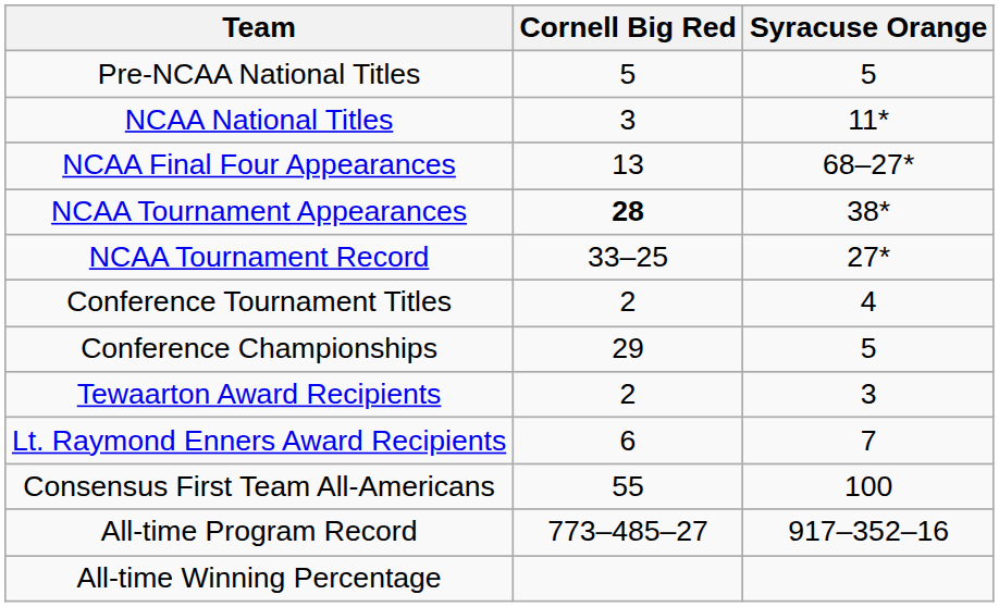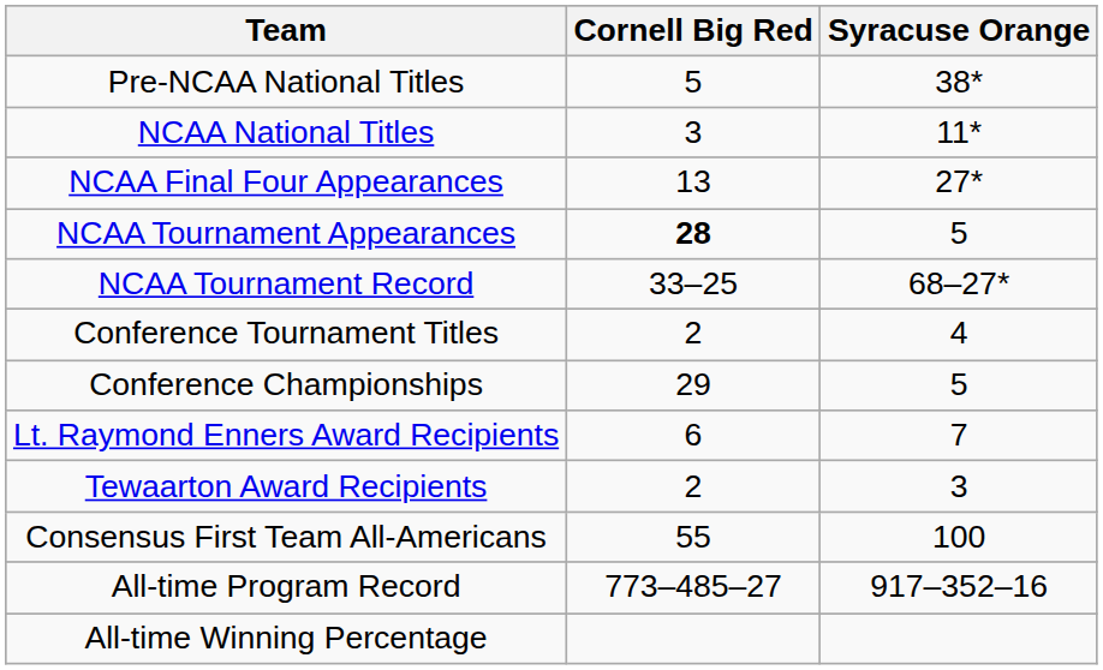 <table class="wikitable" style="text-align:center;">
 <tr>
 <th>Team</th>
 <th>Cornell Big Red</th>
 <th>Syracuse Orange</th>
 </tr>
 <tr>
 <td>Pre-NCAA National Titles</td>
 <td style=>5</td>
-<td>5</td>
+<td>38*</td>
 </tr>
 <tr>
 <td><a href='#'>NCAA National Titles</a></td>
 <td style=>3</td>
 <td>11*</td>
 </tr>
 <tr>
 <td><a href='#'>NCAA Final Four Appearances</a></td>
 <td>13</td>
-<td>68–27*</td>
+<td>27*</td>
 </tr>
 <tr>
 <td><a href='#'>NCAA Tournament Appearances</a></td>
 <td><strong>28</strong></td>
-<td>38*</td>
+<td>5</td>
 </tr>
 <tr>
 <td><a href='#'>NCAA Tournament Record</a></td>
 <td>33–25</td>
-<td>27*</td>
+<td>68–27*</td>
 </tr>
 <tr>
 <td>Conference Tournament Titles</td>
 <td>2</td>
 <td>4</td>
 </tr>
 <tr>
 <td>Conference Championships</td>
 <td>29</td>
 <td>5</td>
 </tr>
 <tr>
+<td><a href='#'>Lt. Raymond Enners Award Recipients</a></td>
+<td>6</td>
+<td>7</td>
+</tr>
+<tr>
 <td><a href='#'>Tewaarton Award Recipients</a></td>
 <td>2</td>
 <td>3</td>
-</tr>
-<tr>
-<td><a href='#'>Lt. Raymond Enners Award Recipients</a></td>
-<td>6</td>
-<td>7</td>
 </tr>
 <tr>
 <td>Consensus First Team All-Americans</td>
 <td>55</td>
 <td>100</td>
 </tr>
 <tr>
 <td>All-time Program Record</td>
 <td>773–485–27</td>
 <td>917–352–16</td>
 </tr>
 <tr>
 <td>All-time Winning Percentage</td>
 <td></td>
 <td></td>
 </tr>
 </table>
